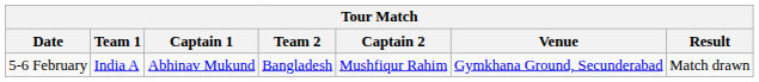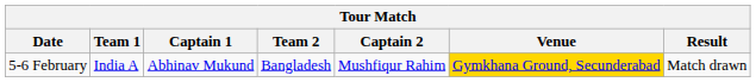 <table class="wikitable">
 <tr>
 <th colspan="7">Tour Match</th>
 </tr>
 <tr>
 <th>Date</th>
 <th>Team 1</th>
 <th>Captain 1</th>
 <th>Team 2</th>
 <th>Captain 2</th>
 <th>Venue</th>
 <th>Result</th>
 </tr>
 <tr>
 <td>5-6 February</td>
 <td><a href='#'>India A</a></td>
 <td><a href='#'>Abhinav Mukund</a></td>
 <td><a href='#'>Bangladesh</a></td>
 <td><a href='#'>Mushfiqur Rahim</a></td>
-<td><a href='#'>Gymkhana Ground, Secunderabad</a></td>
+<td style="background: gold;"><a href='#'>Gymkhana Ground, Secunderabad</a></td>
 <td>Match drawn</td>
 </tr>
 </table>
